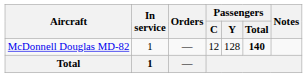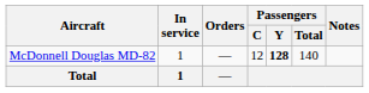 <table class="wikitable" style="margin:0.5em auto; text-align:center">
 <tr>
 <th rowspan=2>Aircraft</th>
 <th rowspan=2>In <br> service</th>
 <th rowspan=2>Orders</th>
 <th colspan=3>Passengers</th>
 <th rowspan=2>Notes</th>
 </tr>
 <tr>
 <th><abbr>C</abbr></th>
 <th><abbr>Y</abbr></th>
 <th>Total</th>
 </tr>
 <tr>
 <td><a href='#'>McDonnell Douglas MD-82</a></td>
 <td>1</td>
 <td>—</td>
 <td>12</td>
-<td>128</td>
-<td><strong>140</strong></td>
+<td><strong>128</strong></td>
+<td>140</td>
 <td></td>
 </tr>
 <tr>
 <th>Total</th>
 <th>1</th>
 <th>—</th>
 <th colspan=4></th>
 </tr>
 </table>
